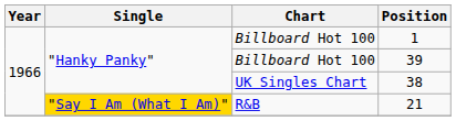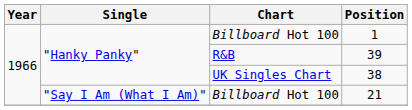 <table class="wikitable">
 <tr>
 <th>Year</th>
 <th>Single</th>
 <th>Chart</th>
 <th>Position</th>
 </tr>
 <tr>
 <td rowspan="4">1966</td>
 <td rowspan="3">"<a href='#'>Hanky Panky</a>"</td>
 <td><em>Billboard</em> Hot 100</td>
 <td align="center">1</td>
 </tr>
 <tr>
-<td><em>Billboard</em> Hot 100</td>
+<td><a href='#'>R&B</a></td>
 <td align="center">39</td>
 </tr>
 <tr>
 <td><a href='#'>UK Singles Chart</a></td>
 <td align="center">38</td>
 </tr>
 <tr>
-<td rowspan="1" style="background: gold;">"<a href='#'>Say I Am (What I Am)</a>"</td>
-<td><a href='#'>R&B</a></td>
+<td rowspan="1">"<a href='#'>Say I Am (What I Am)</a>"</td>
+<td><em>Billboard</em> Hot 100</td>
 <td align="center">21</td>
 </tr>
 <tr>
 </tr>
 </table>
